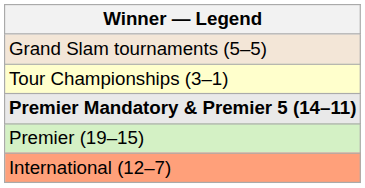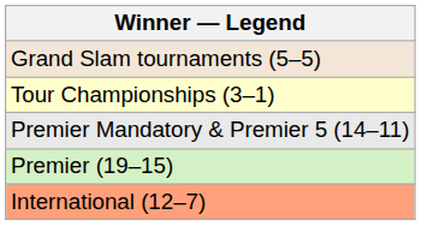 <table class="wikitable sortable mw-collapsible mw-collapsed">
 <tr>
 <th>Winner — Legend</th>
 </tr>
 <tr>
 <td bgcolor=f3e6d7>Grand Slam tournaments (5–5)</td>
 </tr>
 <tr>
 <td bgcolor=ffffcc>Tour Championships (3–1)</td>
 </tr>
 <tr>
-<td bgcolor=e9e9e9><strong>Premier Mandatory & Premier 5 (14–11)</strong></td>
+<td bgcolor=e9e9e9>Premier Mandatory & Premier 5 (14–11)</td>
 </tr>
 <tr>
 <td bgcolor=d4f1c5>Premier (19–15)</td>
 </tr>
 <tr>
 <td style="background: lightsalmon;">International (12–7)</td>
 </tr>
 </table>
